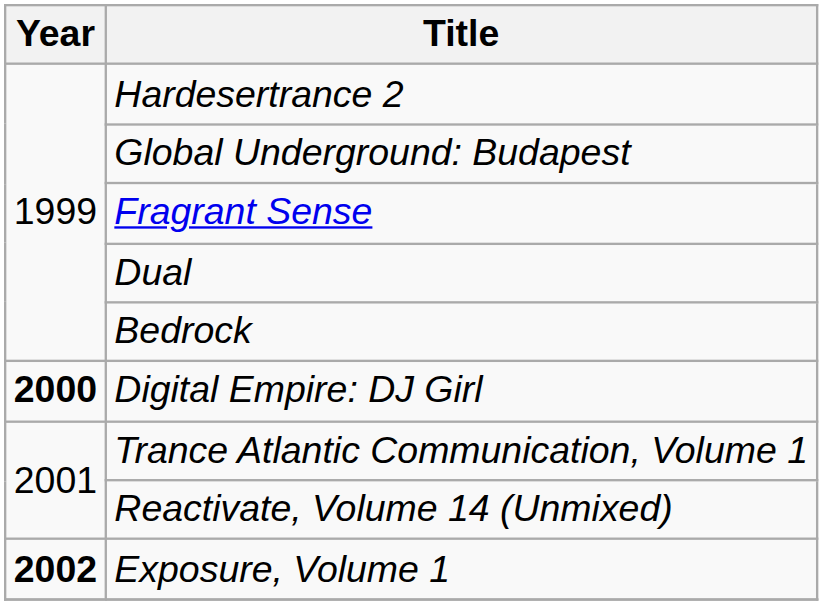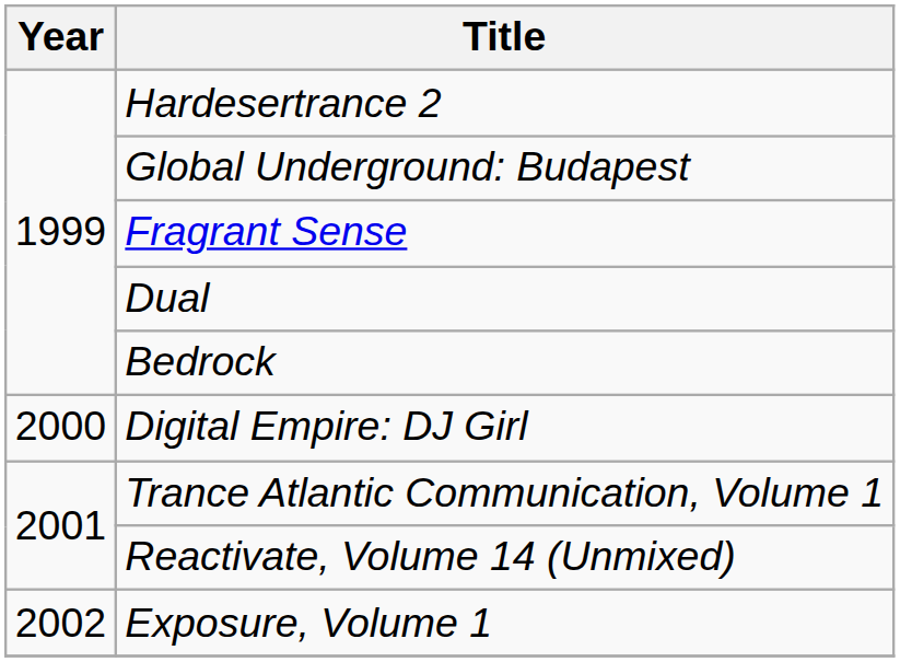 <table class="wikitable">
 <tr>
 <th>Year</th>
 <th>Title</th>
 </tr>
 <tr>
 <td rowspan="5">1999</td>
 <td><em>Hardesertrance 2</em></td>
 </tr>
 <tr>
 <td><em>Global Underground: Budapest</em></td>
 </tr>
 <tr>
 <td><em><a href='#'>Fragrant Sense</a></em></td>
 </tr>
 <tr>
 <td><em>Dual</em></td>
 </tr>
 <tr>
 <td><em>Bedrock</em></td>
 </tr>
 <tr>
-<td><strong>2000</strong></td>
+<td>2000</td>
 <td><em>Digital Empire: DJ Girl</em></td>
 </tr>
 <tr>
 <td rowspan="2">2001</td>
 <td><em>Trance Atlantic Communication, Volume 1</em></td>
 </tr>
 <tr>
 <td><em>Reactivate, Volume 14 (Unmixed)</em></td>
 </tr>
 <tr>
-<td><strong>2002</strong></td>
+<td>2002</td>
 <td><em>Exposure, Volume 1</em></td>
 </tr>
 <tr>
 </tr>
 </table>
